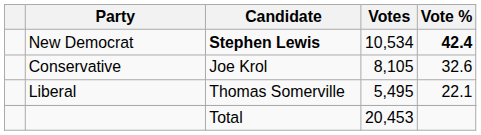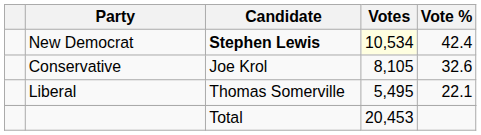 <table class="wikitable">
 <tr>
 <th></th>
 <th scope="col" width="175">Party</th>
 <th scope="col" width="150">Candidate</th>
 <th>Votes</th>
 <th>Vote %</th>
 </tr>
 <tr>
 <td>   </td>
 <td>New Democrat</td>
 <td><strong>Stephen Lewis</strong></td>
-<td align=right>10,534</td>
-<td align=right><strong>42.4</strong></td>
+<td align=right style="background: lightyellow;">10,534</td>
+<td align=right>42.4</td>
 </tr>
 <tr |>
 <td>   </td>
 <td>Conservative</td>
 <td>Joe Krol</td>
 <td align=right>8,105</td>
 <td align=right>32.6</td>
 </tr>
 <tr>
 <td>   </td>
 <td>Liberal</td>
 <td>Thomas Somerville</td>
 <td align=right>5,495</td>
 <td align=right>22.1</td>
 </tr>
 <tr>
 </tr>
 <tr>
 <td></td>
 <td></td>
 <td>Total</td>
 <td align=right>20,453</td>
 <td></td>
 </tr>
 </table>
